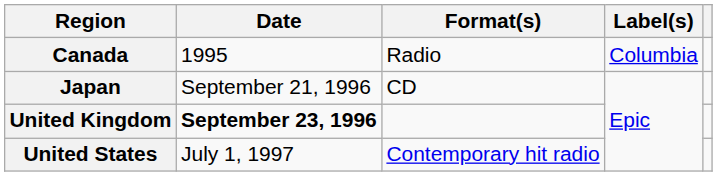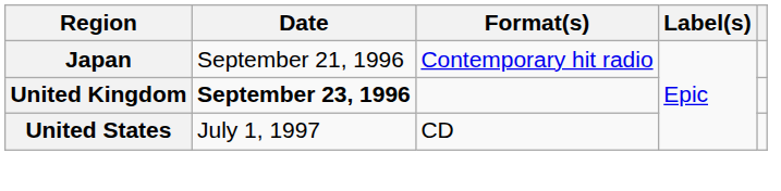 <table class="wikitable plainrowheaders">
 <tr>
 <th scope="col">Region</th>
 <th scope="col">Date</th>
 <th scope="col">Format(s)</th>
 <th scope="col">Label(s)</th>
 <th scope="col"></th>
 </tr>
 <tr>
-<th scope="row">Canada</th>
-<td>1995</td>
-<td>Radio</td>
-<td><a href='#'>Columbia</a></td>
-<td></td>
-</tr>
-<tr>
 <th scope="row">Japan</th>
 <td>September 21, 1996</td>
-<td>CD</td>
+<td><a href='#'>Contemporary hit radio</a></td>
 <td rowspan="3"><a href='#'>Epic</a></td>
 <td></td>
 </tr>
 <tr>
 <th scope="row">United Kingdom</th>
 <td><strong>September 23, 1996</strong></td>
 <td></td>
 <td></td>
 </tr>
 <tr>
 <th scope="row">United States</th>
 <td>July 1, 1997</td>
-<td><a href='#'>Contemporary hit radio</a></td>
+<td>CD</td>
 <td></td>
 </tr>
 </table>
